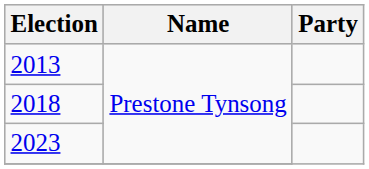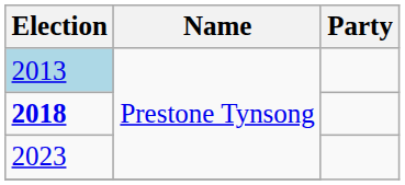 <table class="wikitable sortable">
 <tr>
 <th>Election</th>
 <th>Name</th>
 <th colspan=2>Party</th>
 </tr>
 <tr>
-<td><a href='#'>2013</a></td>
+<td style="background: lightblue;"><a href='#'>2013</a></td>
 <td rowspan=3><a href='#'>Prestone Tynsong</a></td>
 <td></td>
 </tr>
 <tr>
-<td><a href='#'>2018</a></td>
+<td><strong><a href='#'>2018</a></strong></td>
 <td></td>
 </tr>
 <tr>
 <td><a href='#'>2023</a></td>
 </tr>
 <tr>
 </tr>
 </table>
